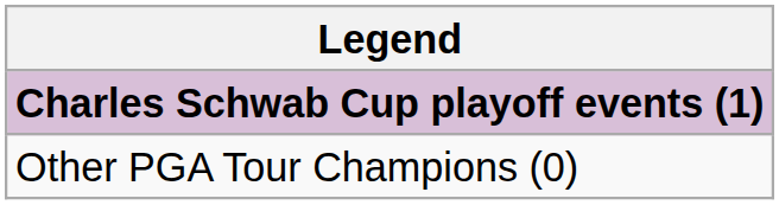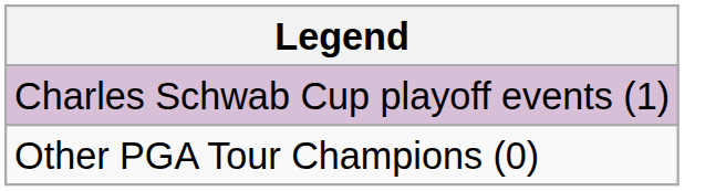 <table class="wikitable" style="font-size:95%;">
 <tr>
 <th>Legend</th>
 </tr>
 <tr style="background:thistle">
-<td><strong>Charles Schwab Cup playoff events (1)</strong></td>
+<td>Charles Schwab Cup playoff events (1)</td>
 </tr>
 <tr>
 <td>Other PGA Tour Champions (0)</td>
 </tr>
 </table>
